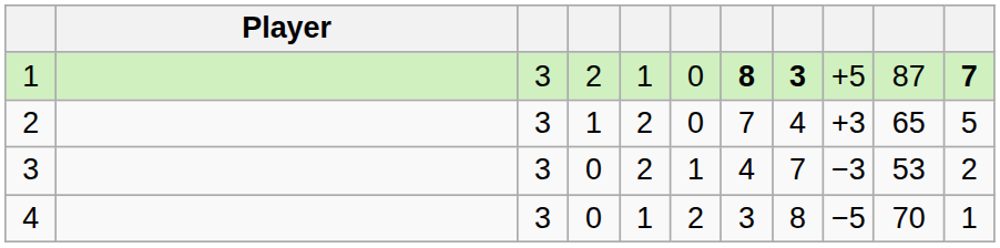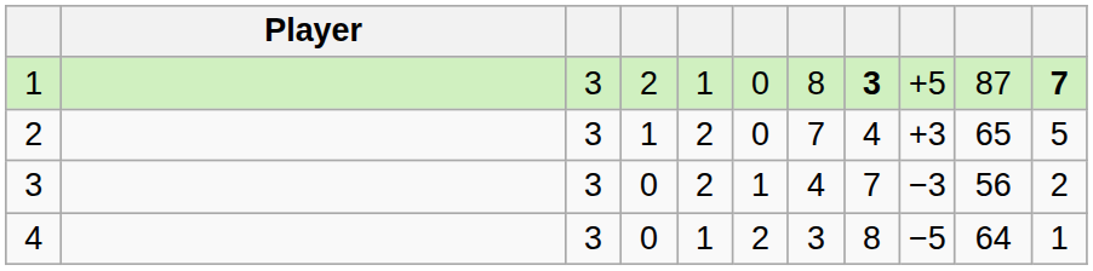 <table class="wikitable" style="text-align:center; margin: 1em auto 1em auto, align:left">
 <tr>
 <th width=20></th>
 <th width=240>Player</th>
 <th width=20></th>
 <th width=20></th>
 <th width=20></th>
 <th width=20></th>
 <th width=20></th>
 <th width=20></th>
 <th width=20></th>
 <th width=30></th>
 <th width=20></th>
 </tr>
 <tr style="background:#D0F0C0;">
 <td>1</td>
 <td align=left></td>
 <td>3</td>
 <td>2</td>
 <td>1</td>
 <td>0</td>
-<td><strong>8</strong></td>
+<td>8</td>
 <td><strong>3</strong></td>
 <td>+5</td>
 <td>87</td>
 <td><strong>7</strong></td>
 </tr>
 <tr style=>
 <td>2</td>
 <td align=left></td>
 <td>3</td>
 <td>1</td>
 <td>2</td>
 <td>0</td>
 <td>7</td>
 <td>4</td>
 <td>+3</td>
 <td>65</td>
 <td>5</td>
 </tr>
 <tr style=>
 <td>3</td>
 <td align=left></td>
 <td>3</td>
 <td>0</td>
 <td>2</td>
 <td>1</td>
 <td>4</td>
 <td>7</td>
 <td>−3</td>
-<td>53</td>
+<td>56</td>
 <td>2</td>
 </tr>
 <tr style=>
 <td>4</td>
 <td align=left></td>
 <td>3</td>
 <td>0</td>
 <td>1</td>
 <td>2</td>
 <td>3</td>
 <td>8</td>
 <td>−5</td>
-<td>70</td>
+<td>64</td>
 <td>1</td>
 </tr>
 </table>
